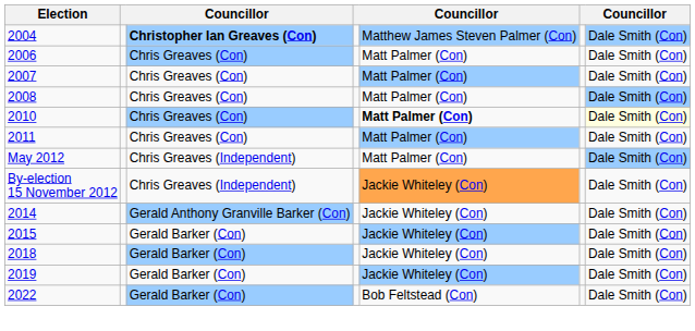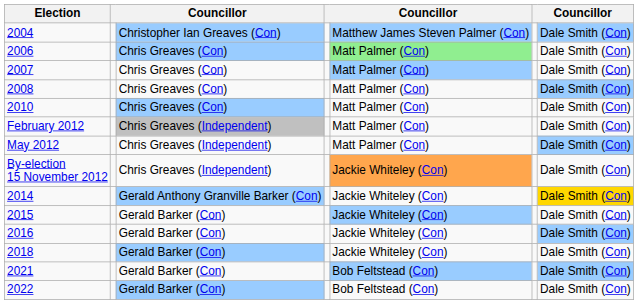 <table class="wikitable">
 <tr>
 <th>Election</th>
 <th colspan="2">Councillor</th>
 <th colspan="2">Councillor</th>
 <th colspan="2">Councillor</th>
 </tr>
 <tr>
 <td><a href='#'>2004</a></td>
 <td style="background-color: "></td>
-<td bgcolor="#99CCFF"><strong>Christopher Ian Greaves (<a href='#'>Con</a>)</strong></td>
+<td bgcolor="#99CCFF">Christopher Ian Greaves (<a href='#'>Con</a>)</td>
 <td style="background-color: "></td>
 <td bgcolor="#99CCFF">Matthew James Steven Palmer (<a href='#'>Con</a>)</td>
 <td style="background-color: "></td>
 <td bgcolor="#99CCFF">Dale Smith (<a href='#'>Con</a>)</td>
 </tr>
 <tr>
 <td><a href='#'>2006</a></td>
 <td style="background-color: "></td>
 <td bgcolor="#99CCFF">Chris Greaves (<a href='#'>Con</a>)</td>
 <td style="background-color: "></td>
-<td>Matt Palmer (<a href='#'>Con</a>)</td>
+<td style="background: lightgreen;">Matt Palmer (<a href='#'>Con</a>)</td>
 <td style="background-color: "></td>
 <td>Dale Smith (<a href='#'>Con</a>)</td>
 </tr>
 <tr>
 <td><a href='#'>2007</a></td>
 <td style="background-color: "></td>
 <td>Chris Greaves (<a href='#'>Con</a>)</td>
 <td style="background-color: "></td>
 <td bgcolor="#99CCFF">Matt Palmer (<a href='#'>Con</a>)</td>
 <td style="background-color: "></td>
 <td>Dale Smith (<a href='#'>Con</a>)</td>
 </tr>
 <tr>
 <td><a href='#'>2008</a></td>
 <td style="background-color: "></td>
 <td>Chris Greaves (<a href='#'>Con</a>)</td>
 <td style="background-color: "></td>
 <td>Matt Palmer (<a href='#'>Con</a>)</td>
 <td style="background-color: "></td>
 <td bgcolor="#99CCFF">Dale Smith (<a href='#'>Con</a>)</td>
 </tr>
 <tr>
 <td><a href='#'>2010</a></td>
 <td style="background-color: "></td>
 <td bgcolor="#99CCFF">Chris Greaves (<a href='#'>Con</a>)</td>
 <td style="background-color: "></td>
-<td><strong>Matt Palmer (<a href='#'>Con</a>)</strong></td>
+<td>Matt Palmer (<a href='#'>Con</a>)</td>
 <td style="background-color: "></td>
-<td style="background: lightyellow;">Dale Smith (<a href='#'>Con</a>)</td>
+<td>Dale Smith (<a href='#'>Con</a>)</td>
 </tr>
 <tr>
-<td><a href='#'>2011</a></td>
+<td><a href='#'>February 2012</a></td>
 <td style="background-color: "></td>
-<td>Chris Greaves (<a href='#'>Con</a>)</td>
+<td bgcolor="#C0C0C0">Chris Greaves (<a href='#'>Independent</a>)</td>
 <td style="background-color: "></td>
-<td bgcolor="#99CCFF">Matt Palmer (<a href='#'>Con</a>)</td>
+<td>Matt Palmer (<a href='#'>Con</a>)</td>
 <td style="background-color: "></td>
 <td>Dale Smith (<a href='#'>Con</a>)</td>
 </tr>
 <tr>
 <td><a href='#'>May 2012</a></td>
 <td style="background-color: "></td>
 <td>Chris Greaves (<a href='#'>Independent</a>)</td>
 <td style="background-color: "></td>
 <td>Matt Palmer (<a href='#'>Con</a>)</td>
 <td style="background-color: "></td>
 <td bgcolor="#99CCFF">Dale Smith (<a href='#'>Con</a>)</td>
 </tr>
 <tr>
 <td><a href='#'>By-election<br>15 November 2012</a></td>
 <td style="background-color: "></td>
 <td>Chris Greaves (<a href='#'>Independent</a>)</td>
 <td style="background-color: "></td>
 <td bgcolor="#FFA64D">Jackie Whiteley (<a href='#'>Con</a>)</td>
 <td style="background-color: "></td>
 <td>Dale Smith (<a href='#'>Con</a>)</td>
 </tr>
 <tr>
 <td><a href='#'>2014</a></td>
 <td style="background-color: "></td>
 <td bgcolor="#99CCFF">Gerald Anthony Granville Barker (<a href='#'>Con</a>)</td>
 <td style="background-color: "></td>
 <td>Jackie Whiteley (<a href='#'>Con</a>)</td>
 <td style="background-color: "></td>
-<td>Dale Smith (<a href='#'>Con</a>)</td>
+<td style="background: gold;">Dale Smith (<a href='#'>Con</a>)</td>
 </tr>
 <tr>
 <td><a href='#'>2015</a></td>
 <td style="background-color: "></td>
 <td>Gerald Barker (<a href='#'>Con</a>)</td>
 <td style="background-color: "></td>
 <td bgcolor="#99CCFF">Jackie Whiteley (<a href='#'>Con</a>)</td>
 <td style="background-color: "></td>
 <td>Dale Smith (<a href='#'>Con</a>)</td>
 </tr>
 <tr>
+<td><a href='#'>2016</a></td>
+<td style="background-color: "></td>
+<td>Gerald Barker (<a href='#'>Con</a>)</td>
+<td style="background-color: "></td>
+<td>Jackie Whiteley (<a href='#'>Con</a>)</td>
+<td style="background-color: "></td>
+<td bgcolor="#99CCFF">Dale Smith (<a href='#'>Con</a>)</td>
+</tr>
+<tr>
 <td><a href='#'>2018</a></td>
 <td style="background-color: "></td>
 <td bgcolor="#99CCFF">Gerald Barker (<a href='#'>Con</a>)</td>
 <td style="background-color: "></td>
 <td>Jackie Whiteley (<a href='#'>Con</a>)</td>
 <td style="background-color: "></td>
 <td>Dale Smith (<a href='#'>Con</a>)</td>
 </tr>
 <tr>
-<td><a href='#'>2019</a></td>
+<td><a href='#'>2021</a></td>
 <td style="background-color: "></td>
 <td>Gerald Barker (<a href='#'>Con</a>)</td>
 <td style="background-color: "></td>
-<td bgcolor="#99CCFF">Jackie Whiteley (<a href='#'>Con</a>)</td>
+<td bgcolor="#99CCFF">Bob Feltstead (<a href='#'>Con</a>)</td>
 <td style="background-color: "></td>
-<td>Dale Smith (<a href='#'>Con</a>)</td>
+<td bgcolor="#99CCFF">Dale Smith (<a href='#'>Con</a>)</td>
 </tr>
 <tr>
 <td><a href='#'>2022</a></td>
 <td style="background-color: "></td>
 <td bgcolor="#99CCFF">Gerald Barker (<a href='#'>Con</a>)</td>
 <td style="background-color: "></td>
 <td>Bob Feltstead (<a href='#'>Con</a>)</td>
 <td style="background-color: "></td>
 <td>Dale Smith (<a href='#'>Con</a>)</td>
 </tr>
 </table>
